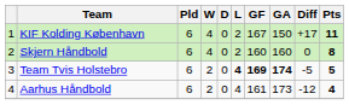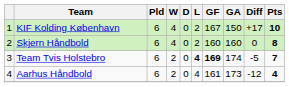 <table class="wikitable sortable" style="text-align:center">
 <tr>
 <th></th>
 <th width="210">Team</th>
 <th>Pld</th>
 <th>W</th>
 <th>D</th>
 <th>L</th>
 <th>GF</th>
 <th>GA</th>
 <th>Diff</th>
 <th>Pts</th>
 </tr>
 <tr style="background: #D0F0C0;">
 <td>1</td>
 <td align=left><a href='#'>KIF Kolding København</a></td>
 <td>6</td>
 <td>4</td>
 <td>0</td>
 <td>2</td>
 <td>167</td>
 <td>150</td>
 <td>+17</td>
-<td><strong>11</strong></td>
+<td><strong>10</strong></td>
 </tr>
 <tr style="background: #D0F0C0;">
 <td>2</td>
 <td align=left><a href='#'>Skjern Håndbold</a></td>
 <td>6</td>
 <td>4</td>
 <td>0</td>
 <td>2</td>
 <td>160</td>
 <td>160</td>
 <td>0</td>
 <td><strong>8</strong></td>
 </tr>
 <tr style="background:">
 <td>3</td>
 <td align=left><a href='#'>Team Tvis Holstebro</a></td>
 <td>6</td>
 <td>2</td>
 <td>0</td>
 <td><strong>4</strong></td>
 <td><strong>169</strong></td>
-<td><strong>174</strong></td>
+<td>174</td>
 <td>-5</td>
-<td><strong>5</strong></td>
+<td><strong>7</strong></td>
 </tr>
 <tr style="background:">
 <td>4</td>
 <td align=left><a href='#'>Aarhus Håndbold</a></td>
 <td>6</td>
 <td>2</td>
 <td>0</td>
 <td>4</td>
 <td>161</td>
 <td>173</td>
 <td>-12</td>
 <td><strong>4</strong></td>
 </tr>
 <tr style="background:">
 </tr>
 </table>
